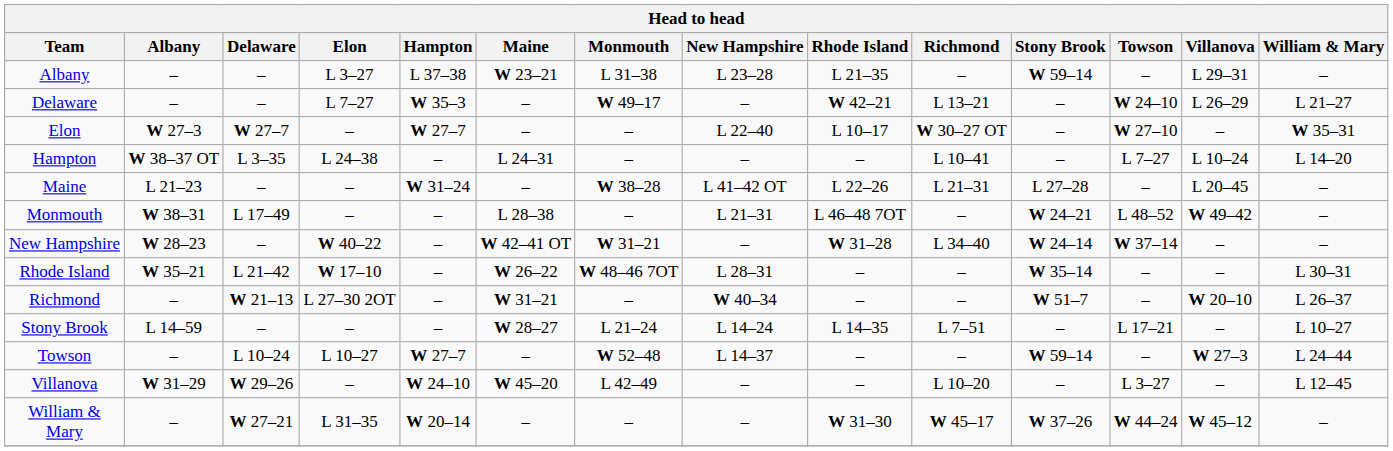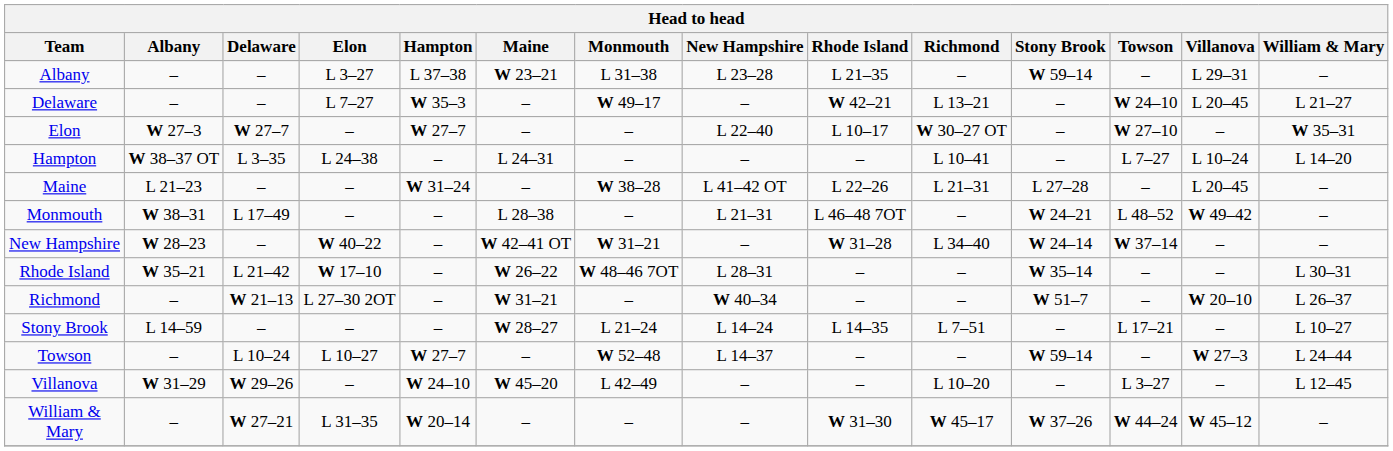 <table class="wikitable" style="font-size:95%; text-align:center;">
 <tr>
 <th colspan="17">Head to head</th>
 </tr>
 <tr>
 <th style="width:100px;">Team</th>
 <th>Albany</th>
 <th>Delaware</th>
 <th>Elon</th>
 <th>Hampton</th>
 <th>Maine</th>
 <th>Monmouth</th>
 <th>New Hampshire</th>
 <th>Rhode Island</th>
 <th>Richmond</th>
 <th>Stony Brook</th>
 <th>Towson</th>
 <th>Villanova</th>
 <th>William & Mary</th>
 </tr>
 <tr>
 <td><a href='#'>Albany</a></td>
 <td>–</td>
 <td>–</td>
 <td>L 3–27</td>
 <td>L 37–38</td>
 <td><strong>W</strong> 23–21</td>
 <td>L 31–38</td>
 <td>L 23–28</td>
 <td>L 21–35</td>
 <td>–</td>
 <td><strong>W</strong> 59–14</td>
 <td>–</td>
 <td>L 29–31</td>
 <td>–</td>
 </tr>
 <tr>
 <td><a href='#'>Delaware</a></td>
 <td>–</td>
 <td>–</td>
 <td>L 7–27</td>
 <td><strong>W</strong> 35–3</td>
 <td>–</td>
 <td><strong>W</strong> 49–17</td>
 <td>–</td>
 <td><strong>W</strong> 42–21</td>
 <td>L 13–21</td>
 <td>–</td>
 <td><strong>W</strong> 24–10</td>
-<td>L 26–29</td>
+<td>L 20–45</td>
 <td>L 21–27</td>
 </tr>
 <tr>
 <td><a href='#'>Elon</a></td>
 <td><strong>W</strong> 27–3</td>
 <td><strong>W</strong> 27–7</td>
 <td>–</td>
 <td><strong>W</strong> 27–7</td>
 <td>–</td>
 <td>–</td>
 <td>L 22–40</td>
 <td>L 10–17</td>
 <td><strong>W</strong> 30–27 OT</td>
 <td>–</td>
 <td><strong>W</strong> 27–10</td>
 <td>–</td>
 <td><strong>W</strong> 35–31</td>
 </tr>
 <tr>
 <td><a href='#'>Hampton</a></td>
 <td><strong>W</strong> 38–37 OT</td>
 <td>L 3–35</td>
 <td>L 24–38</td>
 <td>–</td>
 <td>L 24–31</td>
 <td>–</td>
 <td>–</td>
 <td>–</td>
 <td>L 10–41</td>
 <td>–</td>
 <td>L 7–27</td>
 <td>L 10–24</td>
 <td>L 14–20</td>
 </tr>
 <tr>
 <td><a href='#'>Maine</a></td>
 <td>L 21–23</td>
 <td>–</td>
 <td>–</td>
 <td><strong>W</strong> 31–24</td>
 <td>–</td>
 <td><strong>W</strong> 38–28</td>
 <td>L 41–42 OT</td>
 <td>L 22–26</td>
 <td>L 21–31</td>
 <td>L 27–28</td>
 <td>–</td>
 <td>L 20–45</td>
 <td>–</td>
 </tr>
 <tr>
 <td><a href='#'>Monmouth</a></td>
 <td><strong>W</strong> 38–31</td>
 <td>L 17–49</td>
 <td>–</td>
 <td>–</td>
 <td>L 28–38</td>
 <td>–</td>
 <td>L 21–31</td>
 <td>L 46–48 7OT</td>
 <td>–</td>
 <td><strong>W</strong> 24–21</td>
 <td>L 48–52</td>
 <td><strong>W</strong> 49–42</td>
 <td>–</td>
 </tr>
 <tr>
 <td><a href='#'>New Hampshire</a></td>
 <td><strong>W</strong> 28–23</td>
 <td>–</td>
 <td><strong>W</strong> 40–22</td>
 <td>–</td>
 <td><strong>W</strong> 42–41 OT</td>
 <td><strong>W</strong> 31–21</td>
 <td>–</td>
 <td><strong>W</strong> 31–28</td>
 <td>L 34–40</td>
 <td><strong>W</strong> 24–14</td>
 <td><strong>W</strong> 37–14</td>
 <td>–</td>
 <td>–</td>
 </tr>
 <tr>
 <td><a href='#'>Rhode Island</a></td>
 <td><strong>W</strong> 35–21</td>
 <td>L 21–42</td>
 <td><strong>W</strong> 17–10</td>
 <td>–</td>
 <td><strong>W</strong> 26–22</td>
 <td><strong>W</strong> 48–46 7OT</td>
 <td>L 28–31</td>
 <td>–</td>
 <td>–</td>
 <td><strong>W</strong> 35–14</td>
 <td>–</td>
 <td>–</td>
 <td>L 30–31</td>
 </tr>
 <tr>
 <td><a href='#'>Richmond</a></td>
 <td>–</td>
 <td><strong>W</strong> 21–13</td>
 <td>L 27–30 2OT</td>
 <td>–</td>
 <td><strong>W</strong> 31–21</td>
 <td>–</td>
 <td><strong>W</strong> 40–34</td>
 <td>–</td>
 <td>–</td>
 <td><strong>W</strong> 51–7</td>
 <td>–</td>
 <td><strong>W</strong> 20–10</td>
 <td>L 26–37</td>
 </tr>
 <tr>
 <td><a href='#'>Stony Brook</a></td>
 <td>L 14–59</td>
 <td>–</td>
 <td>–</td>
 <td>–</td>
 <td><strong>W</strong> 28–27</td>
 <td>L 21–24</td>
 <td>L 14–24</td>
 <td>L 14–35</td>
 <td>L 7–51</td>
 <td>–</td>
 <td>L 17–21</td>
 <td>–</td>
 <td>L 10–27</td>
 </tr>
 <tr>
 <td><a href='#'>Towson</a></td>
 <td>–</td>
 <td>L 10–24</td>
 <td>L 10–27</td>
 <td><strong>W</strong> 27–7</td>
 <td>–</td>
 <td><strong>W</strong> 52–48</td>
 <td>L 14–37</td>
 <td>–</td>
 <td>–</td>
 <td><strong>W</strong> 59–14</td>
 <td>–</td>
 <td><strong>W</strong> 27–3</td>
 <td>L 24–44</td>
 </tr>
 <tr>
 <td><a href='#'>Villanova</a></td>
 <td><strong>W</strong> 31–29</td>
 <td><strong>W</strong> 29–26</td>
 <td>–</td>
 <td><strong>W</strong> 24–10</td>
 <td><strong>W</strong> 45–20</td>
 <td>L 42–49</td>
 <td>–</td>
 <td>–</td>
 <td>L 10–20</td>
 <td>–</td>
 <td>L 3–27</td>
 <td>–</td>
 <td>L 12–45</td>
 </tr>
 <tr>
 <td><a href='#'>William & Mary</a></td>
 <td>–</td>
 <td><strong>W</strong> 27–21</td>
 <td>L 31–35</td>
 <td><strong>W</strong> 20–14</td>
 <td>–</td>
 <td>–</td>
 <td>–</td>
 <td><strong>W</strong> 31–30</td>
 <td><strong>W</strong> 45–17</td>
 <td><strong>W</strong> 37–26</td>
 <td><strong>W</strong> 44–24</td>
 <td><strong>W</strong> 45–12</td>
 <td>–</td>
 </tr>
 <tr>
 </tr>
 </table>
